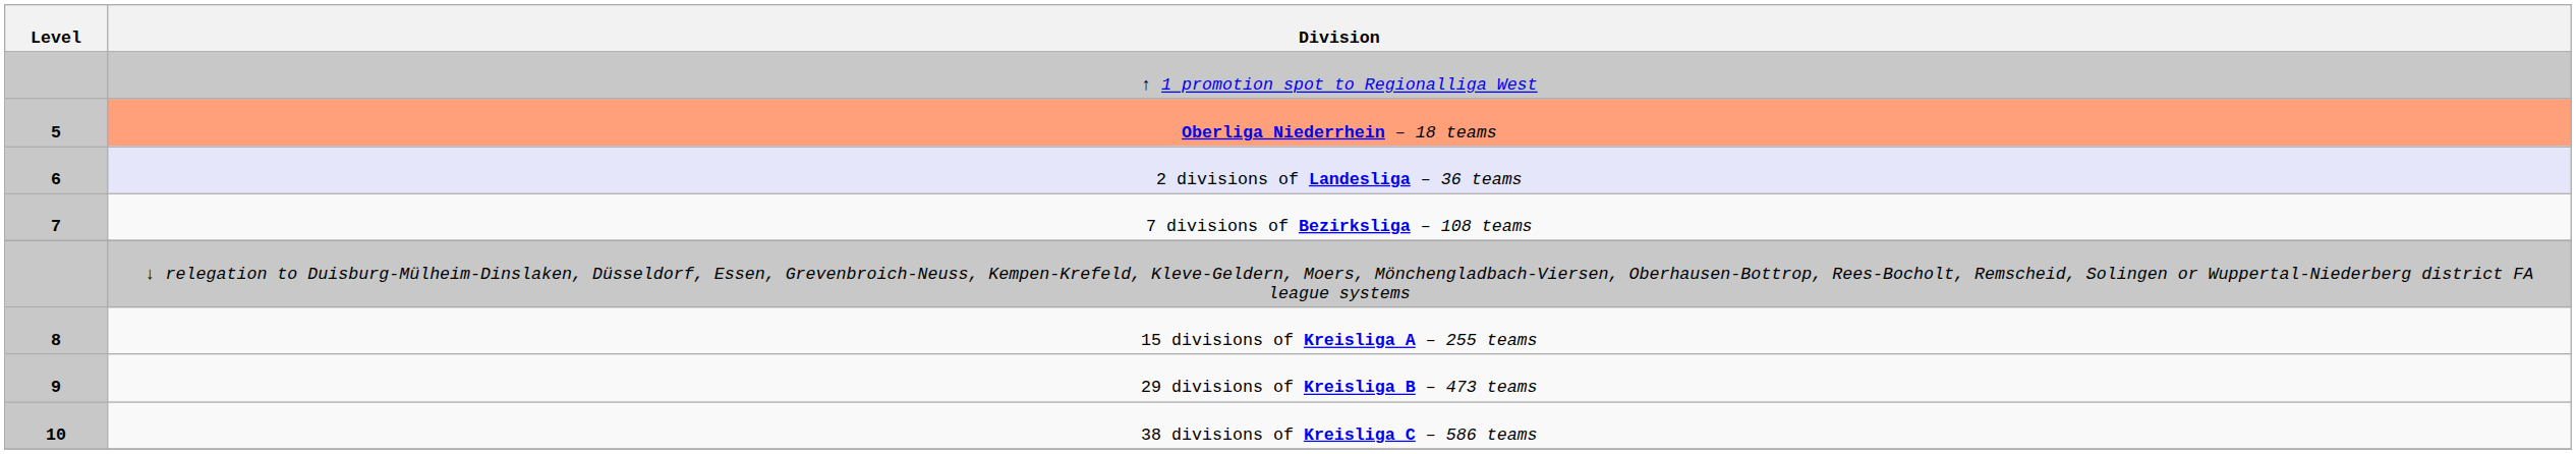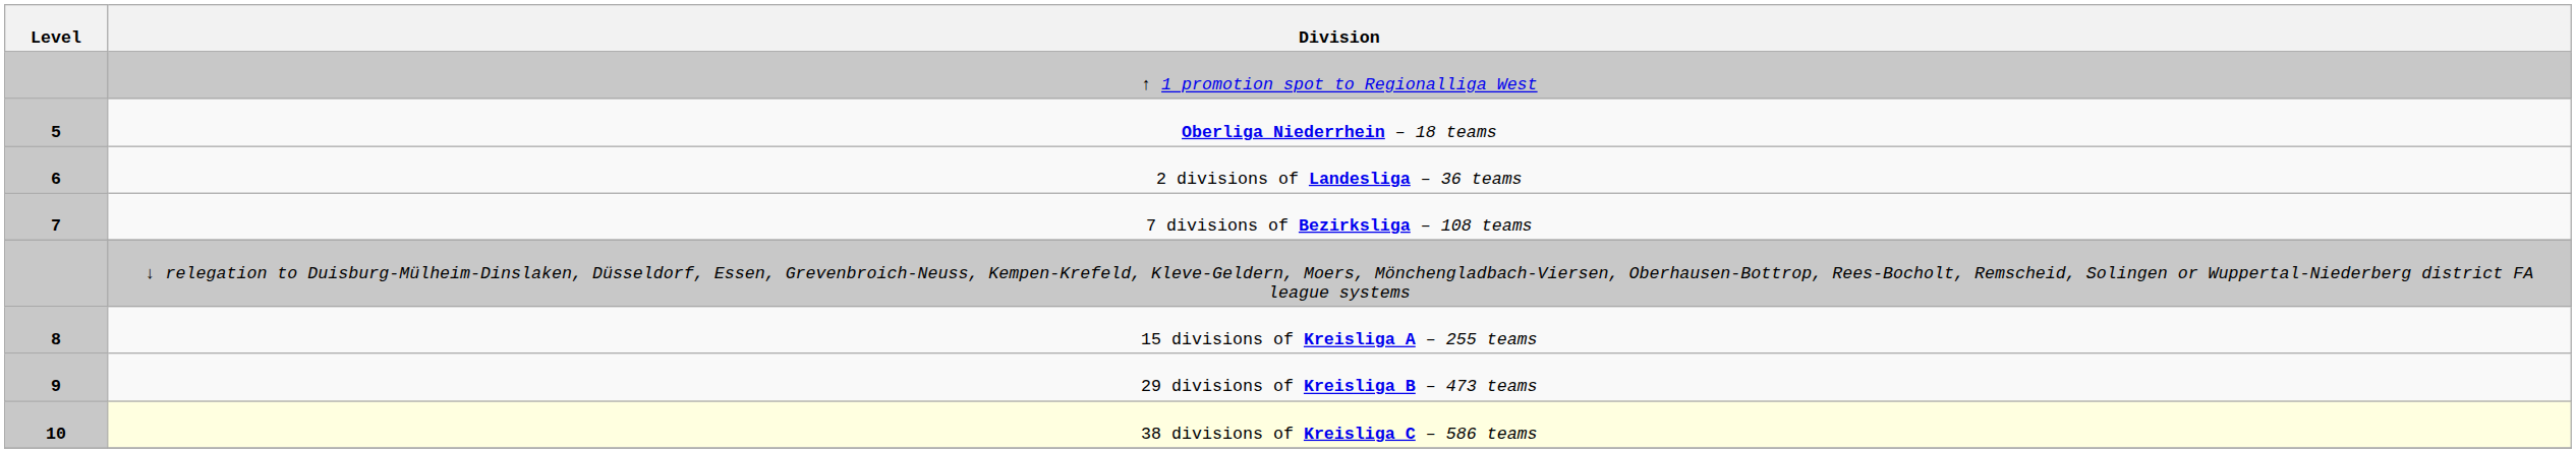 <table class="wikitable" style="text-align:center">
 <tr>
 <th colspan="1" width="4%"><br>Level</th>
 <th colspan="1"><br>Division</th>
 </tr>
 <tr style="background:#c8c8c8">
 <td colspan="1"></td>
 <td colspan="1"><br><em>↑ <a href='#'>1 promotion spot to Regionalliga West</a></em></td>
 </tr>
 <tr>
 <td colspan="1" style="background:#c8c8c8"><br><strong>5</strong></td>
-<td colspan="1" style="background: lightsalmon;"><br><strong><a href='#'>Oberliga Niederrhein</a></strong> – <em>18 teams</em></td>
+<td colspan="1"><br><strong><a href='#'>Oberliga Niederrhein</a></strong> – <em>18 teams</em></td>
 </tr>
 <tr>
 <td colspan="1" style="background:#c8c8c8"><br><strong>6</strong></td>
-<td colspan="1" style="background: lavender;"><br>2 divisions of <strong><a href='#'>Landesliga</a></strong> – <em>36 teams</em></td>
+<td colspan="1"><br>2 divisions of <strong><a href='#'>Landesliga</a></strong> – <em>36 teams</em></td>
 </tr>
 <tr>
 <td colspan="1" style="background:#c8c8c8"><br><strong>7</strong></td>
 <td colspan="1"><br>7 divisions of <strong><a href='#'>Bezirksliga</a></strong> – <em>108 teams</em></td>
 </tr>
 <tr>
 </tr>
 <tr style="background:#c8c8c8">
 <td colspan="1"></td>
 <td colspan="1"><br><em>↓ relegation to Duisburg-Mülheim-Dinslaken, Düsseldorf, Essen, Grevenbroich-Neuss, Kempen-Krefeld, Kleve-Geldern, Moers, Mönchengladbach-Viersen, Oberhausen-Bottrop, Rees-Bocholt, Remscheid, Solingen or Wuppertal-Niederberg district FA league systems</em></td>
 </tr>
 <tr>
 <td colspan="1" style="background:#c8c8c8"><br><strong>8</strong></td>
 <td colspan="1"><br>15 divisions of <strong><a href='#'>Kreisliga A</a></strong> – <em>255 teams</em></td>
 </tr>
 <tr>
 <td colspan="1" style="background:#c8c8c8"><br><strong>9</strong></td>
 <td colspan="1"><br>29 divisions of <strong><a href='#'>Kreisliga B</a></strong> – <em>473 teams</em></td>
 </tr>
 <tr>
 <td colspan="1" style="background:#c8c8c8"><br><strong>10</strong></td>
-<td colspan="1"><br>38 divisions of <strong><a href='#'>Kreisliga C</a></strong> – <em>586 teams</em></td>
+<td colspan="1" style="background: lightyellow;"><br>38 divisions of <strong><a href='#'>Kreisliga C</a></strong> – <em>586 teams</em></td>
 </tr>
 <tr>
 </tr>
 </table>
